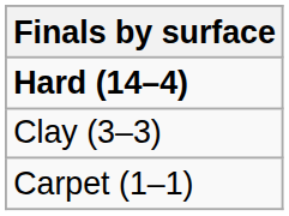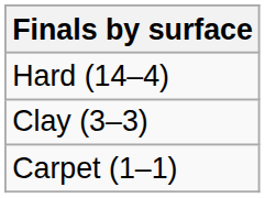 <table class=wikitable style=font-size:90%>
 <tr>
 <th>Finals by surface</th>
 </tr>
 <tr>
-<td><strong>Hard (14–4)</strong></td>
+<td>Hard (14–4)</td>
 </tr>
 <tr>
 <td>Clay (3–3)</td>
 </tr>
 <tr>
 <td>Carpet (1–1)</td>
 </tr>
 </table>
